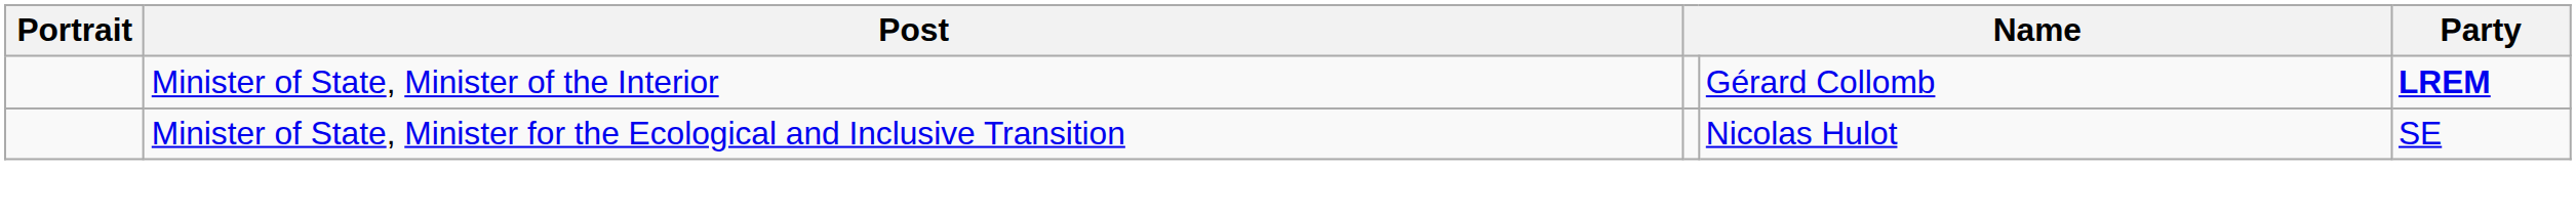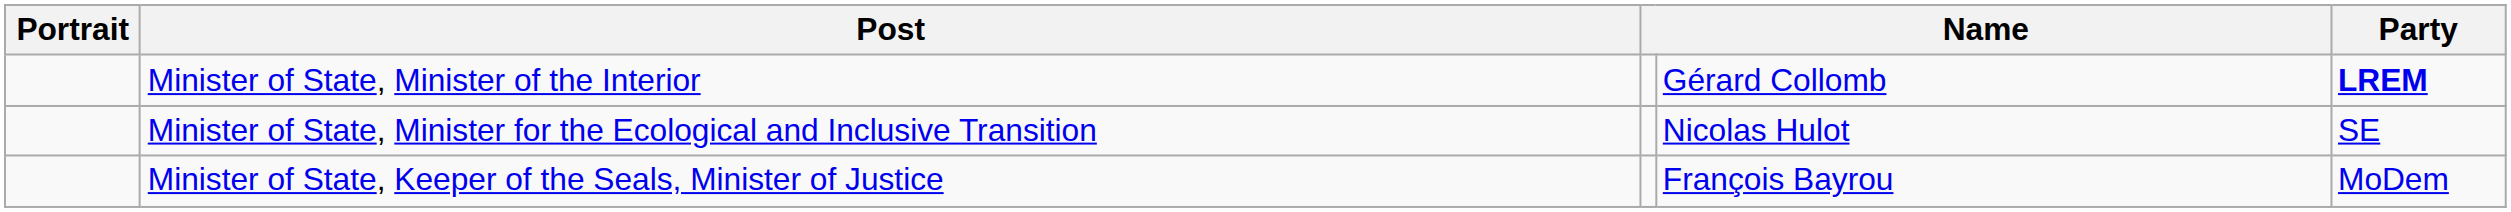 <table class="wikitable sortable" style="width:100%;">
 <tr>
 <th scope="col" class="unsortable">Portrait</th>
 <th scope="col">Post</th>
 <th colspan="2" scope="col" class="unsortable">Name</th>
 <th scope="col">Party</th>
 </tr>
 <tr>
 <td width="80px"></td>
 <td width=60%><a href='#'>Minister of State</a>, <a href='#'>Minister of the Interior</a></td>
 <td style="background:"></td>
 <td width=27%><a href='#'>Gérard Collomb</a></td>
 <td width=7%><strong><a href='#'>LREM</a></strong></td>
 </tr>
 <tr>
 <td width="80px"></td>
 <td width=60%><a href='#'>Minister of State</a>, <a href='#'>Minister for the Ecological and Inclusive Transition</a></td>
 <td style="background:"></td>
 <td width=27%><a href='#'>Nicolas Hulot</a></td>
 <td width=7%><a href='#'>SE</a></td>
 </tr>
+<tr>
+<td width="80px"></td>
+<td width=60%><a href='#'>Minister of State</a>, <a href='#'>Keeper of the Seals, Minister of Justice</a></td>
+<td style="background:"></td>
+<td width=27%><a href='#'>François Bayrou</a></td>
+<td width=7%><a href='#'>MoDem</a></td>
+</tr>
 </table>
